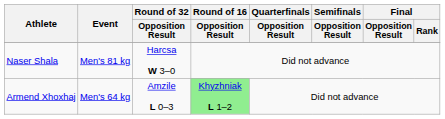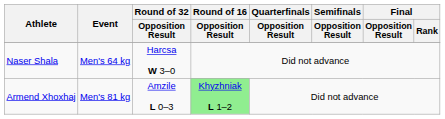 <table class="wikitable" style="font-size:90%">
 <tr>
 <th rowspan="2">Athlete</th>
 <th rowspan="2">Event</th>
 <th>Round of 32</th>
 <th>Round of 16</th>
 <th>Quarterfinals</th>
 <th>Semifinals</th>
 <th colspan=2>Final</th>
 </tr>
 <tr style="font-size:95%">
 <th>Opposition<br>Result</th>
 <th>Opposition<br>Result</th>
 <th>Opposition<br>Result</th>
 <th>Opposition<br>Result</th>
 <th>Opposition<br>Result</th>
 <th>Rank</th>
 </tr>
 <tr align=center>
 </tr>
 <tr align=center>
 <td align=left><a href='#'>Naser Shala</a></td>
-<td align=left><a href='#'>Men's 81 kg</a></td>
+<td align=left><a href='#'>Men's 64 kg</a></td>
 <td><a href='#'>Harcsa</a><br><br> <strong>W</strong> 3–0</td>
 <td colspan=6>Did not advance</td>
 </tr>
 <tr align=center>
 <td align=left><a href='#'>Armend Xhoxhaj</a></td>
-<td align=left><a href='#'>Men's 64 kg</a></td>
+<td align=left><a href='#'>Men's 81 kg</a></td>
 <td><a href='#'>Amzile</a><br><br> <strong>L</strong> 0–3</td>
 <td style="background: lightgreen;"><a href='#'>Khyzhniak</a><br><br> <strong>L</strong> 1–2</td>
 <td colspan=6>Did not advance</td>
 </tr>
 </table>
